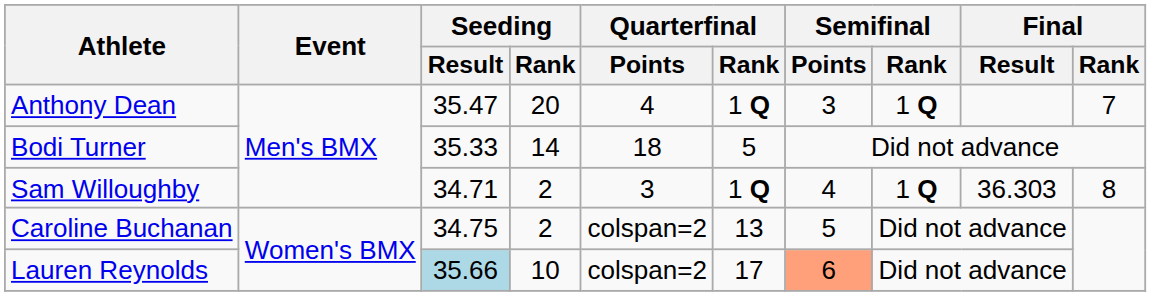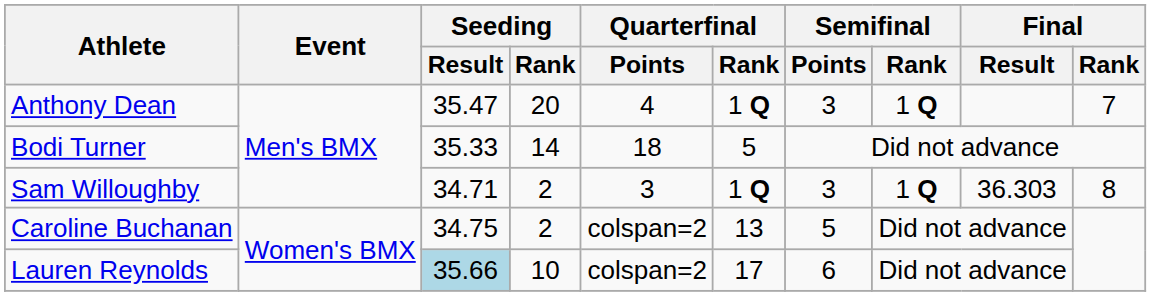 <table class="wikitable" style="font-size:90%;">
 <tr>
 <th rowspan=2>Athlete</th>
 <th rowspan=2>Event</th>
 <th colspan=2>Seeding</th>
 <th colspan=2>Quarterfinal</th>
 <th colspan=2>Semifinal</th>
 <th colspan=2>Final</th>
 </tr>
 <tr style="font-size:95%">
 <th>Result</th>
 <th>Rank</th>
 <th>Points</th>
 <th>Rank</th>
 <th>Points</th>
 <th>Rank</th>
 <th>Result</th>
 <th>Rank</th>
 </tr>
 <tr align=center>
 <td align=left><a href='#'>Anthony Dean</a></td>
 <td align=left rowspan=3><a href='#'>Men's BMX</a></td>
 <td>35.47</td>
 <td>20</td>
 <td>4</td>
 <td>1 <strong>Q</strong></td>
 <td>3</td>
 <td>1 <strong>Q</strong></td>
 <td></td>
 <td>7</td>
 </tr>
 <tr align=center>
 <td align=left><a href='#'>Bodi Turner</a></td>
 <td>35.33</td>
 <td>14</td>
 <td>18</td>
 <td>5</td>
 <td colspan=4>Did not advance</td>
 </tr>
 <tr align=center>
 <td align=left><a href='#'>Sam Willoughby</a></td>
 <td>34.71</td>
 <td>2</td>
 <td>3</td>
 <td>1 <strong>Q</strong></td>
-<td>4</td>
+<td>3</td>
 <td>1 <strong>Q</strong></td>
 <td>36.303</td>
 <td>8</td>
 </tr>
 <tr align=center>
 <td align=left><a href='#'>Caroline Buchanan</a></td>
 <td align=left rowspan=2><a href='#'>Women's BMX</a></td>
 <td>34.75</td>
 <td>2</td>
 <td>colspan=2 </td>
 <td>13</td>
 <td>5</td>
 <td colspan=2>Did not advance</td>
 </tr>
 <tr align=center>
 <td align=left><a href='#'>Lauren Reynolds</a></td>
 <td style="background: lightblue;">35.66</td>
 <td>10</td>
 <td>colspan=2 </td>
 <td>17</td>
-<td style="background: lightsalmon;">6</td>
+<td>6</td>
 <td colspan=2>Did not advance</td>
 </tr>
 </table>
